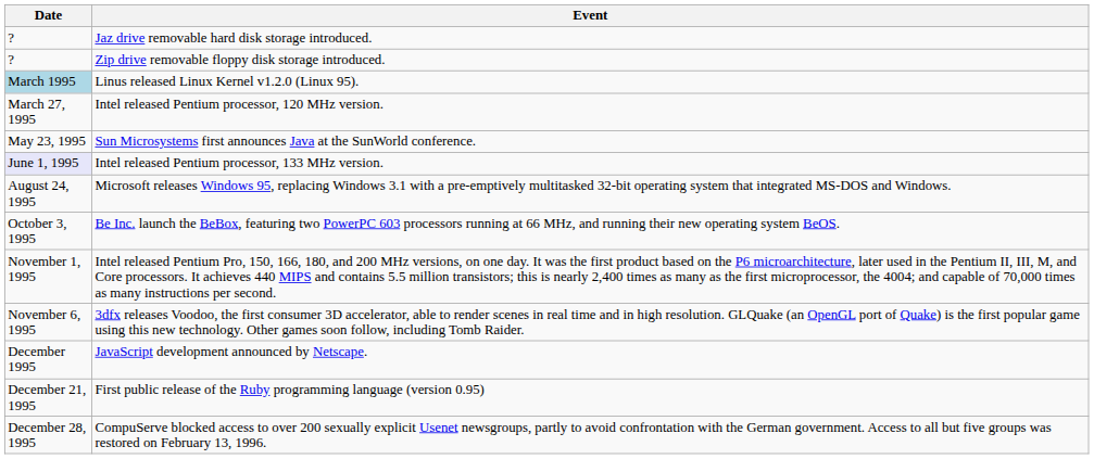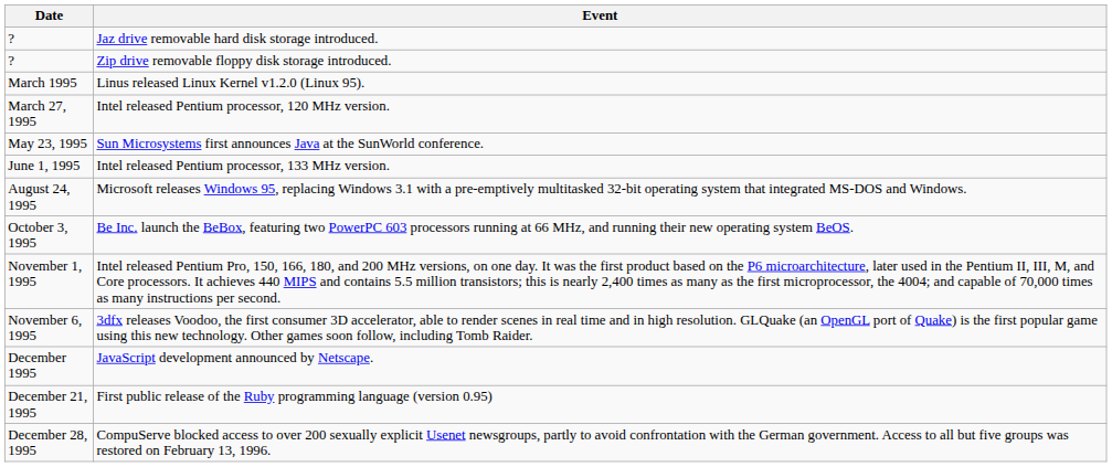 <table class="wikitable sortable">
 <tr>
 <th>Date</th>
 <th class="unsortable">Event</th>
 </tr>
 <tr valign="top">
 <td>?</td>
 <td><a href='#'>Jaz drive</a> removable hard disk storage introduced.</td>
 </tr>
 <tr valign="top">
 <td>?</td>
 <td><a href='#'>Zip drive</a> removable floppy disk storage introduced.</td>
 </tr>
 <tr valign="top">
-<td style="background: lightblue;">March 1995</td>
+<td>March 1995</td>
 <td>Linus released Linux Kernel v1.2.0 (Linux 95).</td>
 </tr>
 <tr valign="top">
 <td>March 27, 1995</td>
 <td>Intel released Pentium processor, 120 MHz version.</td>
 </tr>
 <tr valign="top">
 <td>May 23, 1995</td>
 <td><a href='#'>Sun Microsystems</a> first announces <a href='#'>Java</a> at the SunWorld conference.</td>
 </tr>
 <tr valign="top">
-<td style="background: lavender;">June 1, 1995</td>
+<td>June 1, 1995</td>
 <td>Intel released Pentium processor, 133 MHz version.</td>
 </tr>
 <tr valign="top">
 <td>August 24, 1995</td>
 <td>Microsoft releases <a href='#'>Windows 95</a>, replacing Windows 3.1 with a pre-emptively multitasked 32-bit operating system that integrated MS-DOS and Windows.</td>
 </tr>
 <tr valign="top">
 <td>October 3, 1995</td>
 <td><a href='#'>Be Inc.</a> launch the <a href='#'>BeBox</a>, featuring two <a href='#'>PowerPC 603</a> processors running at 66 MHz, and running their new operating system <a href='#'>BeOS</a>.</td>
 </tr>
 <tr valign="top">
 <td>November 1, 1995</td>
 <td>Intel released Pentium Pro, 150, 166, 180, and 200 MHz versions, on one day. It was the first product based on the <a href='#'>P6 microarchitecture</a>, later used in the Pentium II, III, M, and Core processors. It achieves 440 <a href='#'>MIPS</a> and contains 5.5 million transistors; this is nearly 2,400 times as many as the first microprocessor, the 4004; and capable of 70,000 times as many instructions per second.</td>
 </tr>
 <tr valign="top">
 <td>November 6, 1995</td>
 <td><a href='#'>3dfx</a> releases Voodoo, the first consumer 3D accelerator, able to render scenes in real time and in high resolution. GLQuake (an <a href='#'>OpenGL</a> port of <a href='#'>Quake</a>) is the first popular game using this new technology. Other games soon follow, including Tomb Raider.</td>
 </tr>
 <tr valign="top">
 <td>December 1995</td>
 <td><a href='#'>JavaScript</a> development announced by <a href='#'>Netscape</a>.</td>
 </tr>
 <tr valign="top">
 <td>December 21, 1995</td>
 <td>First public release of the <a href='#'>Ruby</a> programming language (version 0.95)</td>
 </tr>
 <tr valign="top">
 <td>December 28, 1995</td>
 <td>CompuServe blocked access to over 200 sexually explicit <a href='#'>Usenet</a> newsgroups, partly to avoid confrontation with the German government. Access to all but five groups was restored on February 13, 1996.</td>
 </tr>
 </table>
